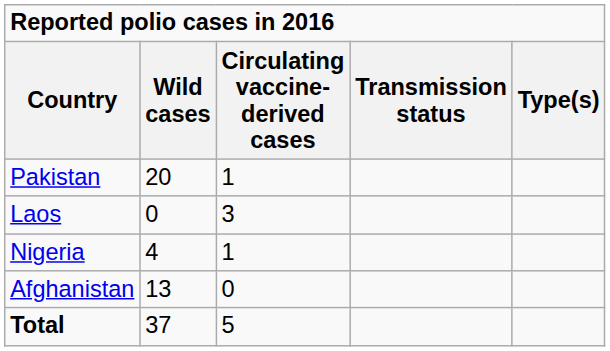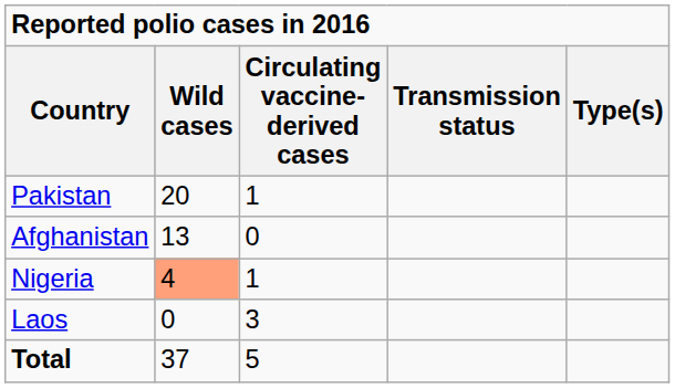 <table class="wikitable sortable mw-collapsible mw-collapsed" font-size:85%; margin-left:15px">
 <tr>
 <td colspan=5><div><strong>Reported polio cases in 2016</strong><br> </div></td>
 </tr>
 <tr>
 <th>Country</th>
 <th>Wild<br>cases</th>
 <th>Circulating<br>vaccine-<br>derived<br>cases</th>
 <th>Transmission<br>status</th>
 <th>Type(s)</th>
 </tr>
 <tr>
 <td><a href='#'>Pakistan</a></td>
 <td>20</td>
 <td>1</td>
 <td></td>
 <td><br></td>
 </tr>
 <tr>
-<td><a href='#'>Laos</a></td>
+<td><a href='#'>Afghanistan</a></td>
+<td>13</td>
 <td>0</td>
-<td>3</td>
 <td></td>
 <td></td>
 </tr>
 <tr>
 <td><a href='#'>Nigeria</a></td>
-<td>4</td>
+<td style="background: lightsalmon;">4</td>
 <td>1</td>
 <td></td>
 <td><br></td>
 </tr>
 <tr>
-<td><a href='#'>Afghanistan</a></td>
-<td>13</td>
+<td><a href='#'>Laos</a></td>
 <td>0</td>
+<td>3</td>
 <td></td>
 <td></td>
 </tr>
 <tr>
 <td><strong>Total</strong></td>
 <td>37</td>
 <td>5</td>
 <td></td>
 <td></td>
 </tr>
 </table>
